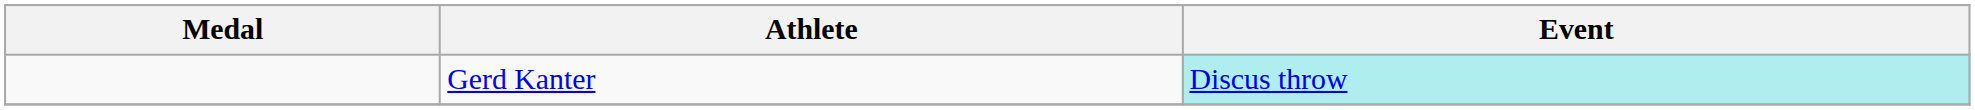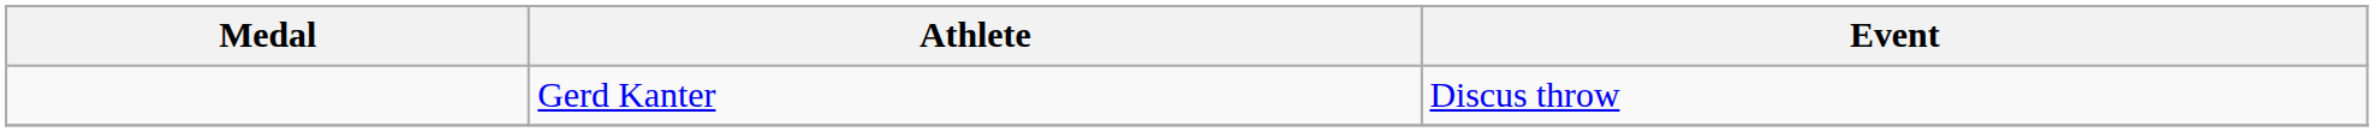 <table class="wikitable" style="font-size:90%" width=60%>
 <tr>
 <th>Medal</th>
 <th>Athlete</th>
 <th>Event</th>
 </tr>
 <tr>
 <td></td>
 <td><a href='#'>Gerd Kanter</a></td>
-<td style="background: paleturquoise;"><a href='#'>Discus throw</a></td>
+<td><a href='#'>Discus throw</a></td>
 </tr>
 <tr>
 </tr>
 </table>
